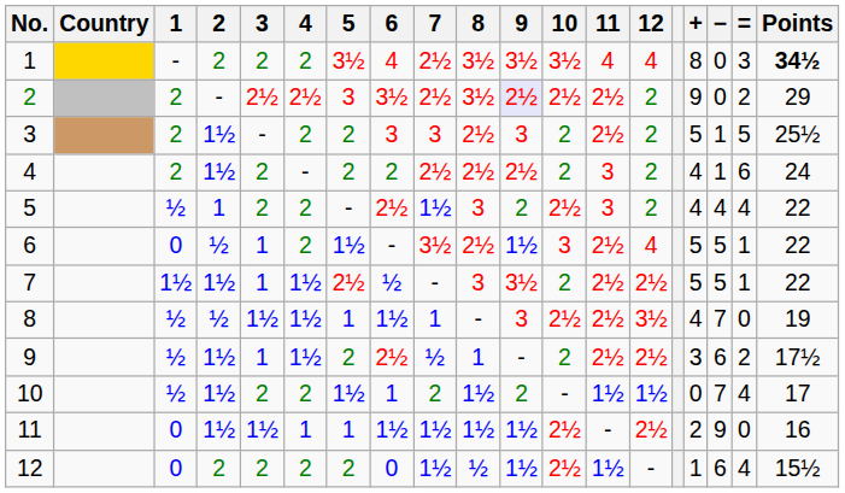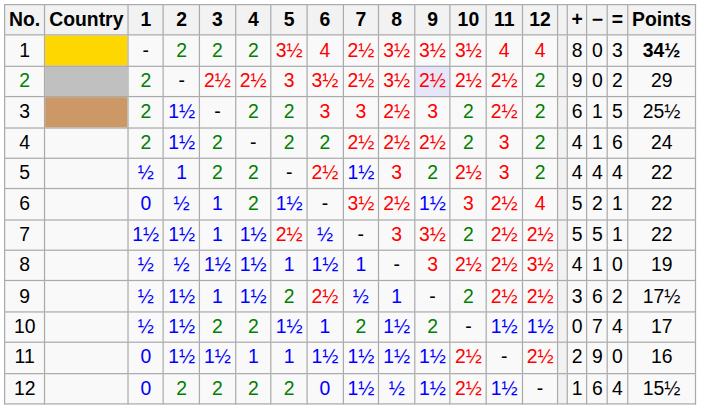 <table class="wikitable" style="text-align:center">
 <tr>
 <th>No.</th>
 <th>Country</th>
 <th>1</th>
 <th>2</th>
 <th>3</th>
 <th>4</th>
 <th>5</th>
 <th>6</th>
 <th>7</th>
 <th>8</th>
 <th>9</th>
 <th>10</th>
 <th>11</th>
 <th>12</th>
 <th></th>
 <th>+</th>
 <th>−</th>
 <th>=</th>
 <th>Points</th>
 </tr>
 <tr>
 <td>1</td>
 <td align=left bgcolor="gold"></td>
 <td>-</td>
 <td style="color: green">2</td>
 <td style="color: green">2</td>
 <td style="color: green">2</td>
 <td style="color: red;">3½</td>
 <td style="color: red;">4</td>
 <td style="color: red;">2½</td>
 <td style="color: red;">3½</td>
 <td style="color: red;">3½</td>
 <td style="color: red;">3½</td>
 <td style="color: red;">4</td>
 <td style="color: red;">4</td>
 <th></th>
 <td>8</td>
 <td>0</td>
 <td>3</td>
 <td><strong>34½</strong></td>
 </tr>
 <tr>
 <td style="color: green">2</td>
 <td align=left bgcolor="silver"></td>
 <td style="color: green">2</td>
 <td>-</td>
 <td style="color: red;">2½</td>
 <td style="color: red;">2½</td>
 <td style="color: red;">3</td>
 <td style="color: red;">3½</td>
 <td style="color: red;">2½</td>
 <td style="color: red;">3½</td>
 <td style="background: lavender; color: red;">2½</td>
 <td style="color: red;">2½</td>
 <td style="color: red;">2½</td>
 <td style="color: green">2</td>
 <th></th>
 <td>9</td>
 <td>0</td>
 <td>2</td>
 <td>29</td>
 </tr>
 <tr>
 <td>3</td>
 <td align=left bgcolor="CC9966"></td>
 <td style="color: green">2</td>
 <td style="color: blue;">1½</td>
 <td>-</td>
 <td style="color: green">2</td>
 <td style="color: green">2</td>
 <td style="color: red;">3</td>
 <td style="color: red;">3</td>
 <td style="color: red;">2½</td>
 <td style="color: red;">3</td>
 <td style="color: green">2</td>
 <td style="color: red;">2½</td>
 <td style="color: green">2</td>
 <th></th>
-<td>5</td>
+<td>6</td>
 <td>1</td>
 <td>5</td>
 <td>25½</td>
 </tr>
 <tr>
 <td>4</td>
 <td style="text-align: left"></td>
 <td style="color: green">2</td>
 <td style="color: blue;">1½</td>
 <td style="color: green">2</td>
 <td>-</td>
 <td style="color: green">2</td>
 <td style="color: green">2</td>
 <td style="color: red;">2½</td>
 <td style="color: red;">2½</td>
 <td style="color: red;">2½</td>
 <td style="color: green">2</td>
 <td style="color: red;">3</td>
 <td style="color: green">2</td>
 <th></th>
 <td>4</td>
 <td>1</td>
 <td>6</td>
 <td>24</td>
 </tr>
 <tr>
 <td>5</td>
 <td style="text-align: left"></td>
 <td style="color: blue;">½</td>
 <td style="color: blue;">1</td>
 <td style="color: green">2</td>
 <td style="color: green">2</td>
 <td>-</td>
 <td style="color: red;">2½</td>
 <td style="color: blue;">1½</td>
 <td style="color: red;">3</td>
 <td style="color: green">2</td>
 <td style="color: red;">2½</td>
 <td style="color: red;">3</td>
 <td style="color: green">2</td>
 <th></th>
 <td>4</td>
 <td>4</td>
 <td>4</td>
 <td>22</td>
 </tr>
 <tr>
 <td>6</td>
 <td style="text-align: left"></td>
 <td style="color: blue;">0</td>
 <td style="color: blue;">½</td>
 <td style="color: blue;">1</td>
 <td style="color: green">2</td>
 <td style="color: blue;">1½</td>
 <td>-</td>
 <td style="color: red;">3½</td>
 <td style="color: red;">2½</td>
 <td style="color: blue;">1½</td>
 <td style="color: red;">3</td>
 <td style="color: red;">2½</td>
 <td style="color: red;">4</td>
 <th></th>
 <td>5</td>
-<td>5</td>
+<td>2</td>
 <td>1</td>
 <td>22</td>
 </tr>
 <tr>
 <td>7</td>
 <td style="text-align: left"></td>
 <td style="color: blue;">1½</td>
 <td style="color: blue;">1½</td>
 <td style="color: blue;">1</td>
 <td style="color: blue;">1½</td>
 <td style="color: red;">2½</td>
 <td style="color: blue;">½</td>
 <td>-</td>
 <td style="color: red;">3</td>
 <td style="color: red;">3½</td>
 <td style="color: green">2</td>
 <td style="color: red;">2½</td>
 <td style="color: red;">2½</td>
 <th></th>
 <td>5</td>
 <td>5</td>
 <td>1</td>
 <td>22</td>
 </tr>
 <tr>
 <td>8</td>
 <td style="text-align: left"></td>
 <td style="color: blue;">½</td>
 <td style="color: blue;">½</td>
 <td style="color: blue;">1½</td>
 <td style="color: blue;">1½</td>
 <td style="color: blue;">1</td>
 <td style="color: blue;">1½</td>
 <td style="color: blue;">1</td>
 <td>-</td>
 <td style="color: red;">3</td>
 <td style="color: red;">2½</td>
 <td style="color: red;">2½</td>
 <td style="color: red;">3½</td>
 <th></th>
 <td>4</td>
-<td>7</td>
+<td>1</td>
 <td>0</td>
 <td>19</td>
 </tr>
 <tr>
 <td>9</td>
 <td style="text-align: left"></td>
 <td style="color: blue;">½</td>
 <td style="color: blue;">1½</td>
 <td style="color: blue;">1</td>
 <td style="color: blue;">1½</td>
 <td style="color: green">2</td>
 <td style="color: red;">2½</td>
 <td style="color: blue;">½</td>
 <td style="color: blue;">1</td>
 <td>-</td>
 <td style="color: green">2</td>
 <td style="color: red;">2½</td>
 <td style="color: red;">2½</td>
 <th></th>
 <td>3</td>
 <td>6</td>
 <td>2</td>
 <td>17½</td>
 </tr>
 <tr>
 <td>10</td>
 <td style="text-align: left"></td>
 <td style="color: blue;">½</td>
 <td style="color: blue;">1½</td>
 <td style="color: green">2</td>
 <td style="color: green">2</td>
 <td style="color: blue;">1½</td>
 <td style="color: blue;">1</td>
 <td style="color: green">2</td>
 <td style="color: blue;">1½</td>
 <td style="color: green">2</td>
 <td>-</td>
 <td style="color: blue;">1½</td>
 <td style="color: blue;">1½</td>
 <th></th>
 <td>0</td>
 <td>7</td>
 <td>4</td>
 <td>17</td>
 </tr>
 <tr>
 <td>11</td>
 <td style="text-align: left"></td>
 <td style="color: blue;">0</td>
 <td style="color: blue;">1½</td>
 <td style="color: blue;">1½</td>
 <td style="color: blue;">1</td>
 <td style="color: blue;">1</td>
 <td style="color: blue;">1½</td>
 <td style="color: blue;">1½</td>
 <td style="color: blue;">1½</td>
 <td style="color: blue;">1½</td>
 <td style="color: red;">2½</td>
 <td>-</td>
 <td style="color: red;">2½</td>
 <th></th>
 <td>2</td>
 <td>9</td>
 <td>0</td>
 <td>16</td>
 </tr>
 <tr>
 <td>12</td>
 <td style="text-align: left"></td>
 <td style="color: blue;">0</td>
 <td style="color: green">2</td>
 <td style="color: green">2</td>
 <td style="color: green">2</td>
 <td style="color: green">2</td>
 <td style="color: blue;">0</td>
 <td style="color: blue;">1½</td>
 <td style="color: blue;">½</td>
 <td style="color: blue;">1½</td>
 <td style="color: red;">2½</td>
 <td style="color: blue;">1½</td>
 <td>-</td>
 <th></th>
 <td>1</td>
 <td>6</td>
 <td>4</td>
 <td>15½</td>
 </tr>
 </table>
